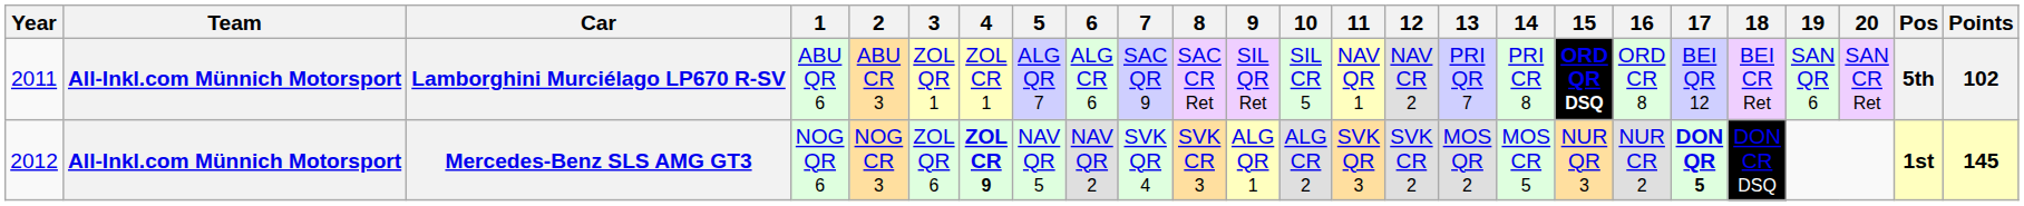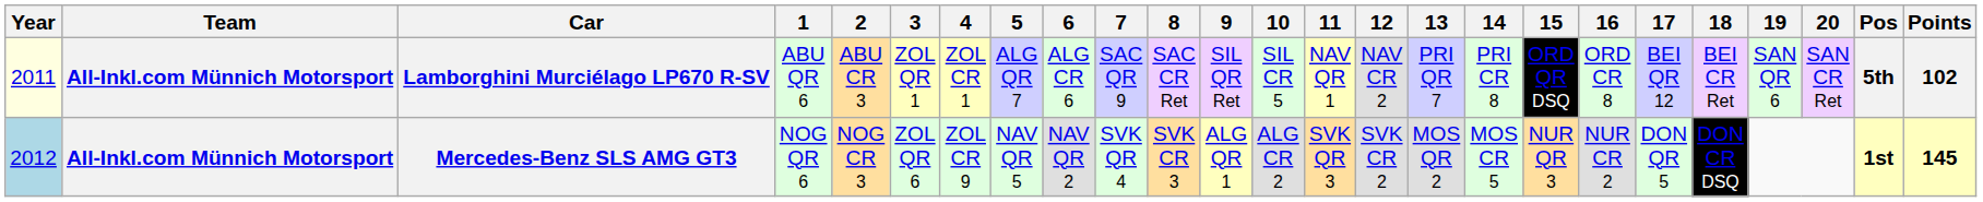 <table class="wikitable" style="text-align:center; font-size:85%;">
 <tr>
 <th>Year</th>
 <th>Team</th>
 <th>Car</th>
 <th>1</th>
 <th>2</th>
 <th>3</th>
 <th>4</th>
 <th>5</th>
 <th>6</th>
 <th>7</th>
 <th>8</th>
 <th>9</th>
 <th>10</th>
 <th>11</th>
 <th>12</th>
 <th>13</th>
 <th>14</th>
 <th>15</th>
 <th>16</th>
 <th>17</th>
 <th>18</th>
 <th>19</th>
 <th>20</th>
 <th>Pos</th>
 <th>Points</th>
 </tr>
 <tr>
-<td><a href='#'>2011</a></td>
+<td style="background: lightyellow;"><a href='#'>2011</a></td>
 <th nowrap><a href='#'>All-Inkl.com Münnich Motorsport</a></th>
 <th nowrap><a href='#'>Lamborghini Murciélago LP670 R-SV</a></th>
 <td style="background:#DFFFDF;"><a href='#'>ABU<br>QR</a><br><small>6<br></small></td>
 <td style="background:#FFDF9F;"><a href='#'>ABU<br>CR</a><br><small>3<br></small></td>
 <td style="background:#FFFFBF;"><a href='#'>ZOL<br>QR</a><br><small>1<br></small></td>
 <td style="background:#FFFFBF;"><a href='#'>ZOL<br>CR</a><br><small>1<br></small></td>
 <td style="background:#CFCFFF;"><a href='#'>ALG<br>QR</a><br><small>7<br></small></td>
 <td style="background:#DFFFDF;"><a href='#'>ALG<br>CR</a><br><small>6<br></small></td>
 <td style="background:#CFCFFF;"><a href='#'>SAC<br>QR</a><br><small>9<br></small></td>
 <td style="background:#EFCFFF;"><a href='#'>SAC<br>CR</a><br><small>Ret<br></small></td>
 <td style="background:#EFCFFF;"><a href='#'>SIL<br>QR</a><br><small>Ret<br></small></td>
 <td style="background:#DFFFDF;"><a href='#'>SIL<br>CR</a><br><small>5<br></small></td>
 <td style="background:#FFFFBF;"><a href='#'>NAV<br>QR</a><br><small>1<br></small></td>
 <td style="background:#DFDFDF;"><a href='#'>NAV<br>CR</a><br><small>2<br></small></td>
 <td style="background:#CFCFFF;"><a href='#'>PRI<br>QR</a><br><small>7<br></small></td>
 <td style="background:#DFFFDF;"><a href='#'>PRI<br>CR</a><br><small>8<br></small></td>
-<td style="background:#000000; color:white"><strong><a href='#'><span>ORD<br>QR</span></a><br><small>DSQ<br></small></strong></td>
+<td style="background:#000000; color:white"><a href='#'><span>ORD<br>QR</span></a><br><small>DSQ<br></small></td>
 <td style="background:#DFFFDF;"><a href='#'>ORD<br>CR</a><br><small>8<br></small></td>
 <td style="background:#CFCFFF;"><a href='#'>BEI<br>QR</a><br><small>12<br></small></td>
 <td style="background:#EFCFFF;"><a href='#'>BEI<br>CR</a><br><small>Ret<br></small></td>
 <td style="background:#DFFFDF;"><a href='#'>SAN<br>QR</a><br><small>6<br></small></td>
 <td style="background:#EFCFFF;"><a href='#'>SAN<br>CR</a><br><small>Ret<br></small></td>
 <th>5th</th>
 <th>102</th>
 </tr>
 <tr>
-<td><a href='#'>2012</a></td>
+<td style="background: lightblue;"><a href='#'>2012</a></td>
 <th nowrap><a href='#'>All-Inkl.com Münnich Motorsport</a></th>
 <th nowrap><a href='#'>Mercedes-Benz SLS AMG GT3</a></th>
 <td style="background:#DFFFDF;"><a href='#'>NOG<br>QR</a><br><small>6<br></small></td>
 <td style="background:#FFDF9F;"><a href='#'>NOG<br>CR</a><br><small>3<br></small></td>
 <td style="background:#DFFFDF;"><a href='#'>ZOL<br>QR</a><br><small>6<br></small></td>
-<td style="background:#DFFFDF;"><strong><a href='#'>ZOL<br>CR</a><br><small>9<br></small></strong></td>
+<td style="background:#DFFFDF;"><a href='#'>ZOL<br>CR</a><br><small>9<br></small></td>
 <td style="background:#DFFFDF;"><a href='#'>NAV<br>QR</a><br><small>5<br></small></td>
 <td style="background:#DFDFDF;"><a href='#'>NAV<br>QR</a><br><small>2<br></small></td>
 <td style="background:#DFFFDF;"><a href='#'>SVK<br>QR</a><br><small>4<br></small></td>
 <td style="background:#FFDF9F;"><a href='#'>SVK<br>CR</a><br><small>3<br></small></td>
 <td style="background:#FFFFBF;"><a href='#'>ALG<br>QR</a><br><small>1<br></small></td>
 <td style="background:#DFDFDF;"><a href='#'>ALG<br>CR</a><br><small>2<br></small></td>
 <td style="background:#FFDF9F;"><a href='#'>SVK<br>QR</a><br><small>3<br></small></td>
 <td style="background:#DFDFDF;"><a href='#'>SVK<br>CR</a><br><small>2<br></small></td>
 <td style="background:#DFDFDF;"><a href='#'>MOS<br>QR</a><br><small>2<br></small></td>
 <td style="background:#DFFFDF;"><a href='#'>MOS<br>CR</a><br><small>5<br></small></td>
 <td style="background:#FFDF9F;"><a href='#'>NUR<br>QR</a><br><small>3<br></small></td>
 <td style="background:#DFDFDF;"><a href='#'>NUR<br>CR</a><br><small>2<br></small></td>
-<td style="background:#DFFFDF;"><strong><a href='#'>DON<br>QR</a><br><small>5<br></small></strong></td>
+<td style="background:#DFFFDF;"><a href='#'>DON<br>QR</a><br><small>5<br></small></td>
 <td style="background:#000000; color:white"><a href='#'><span>DON<br>CR</span></a><br><small>DSQ<br></small></td>
 <td colspan=2></td>
 <th style="background:#FFFFBF;">1st</th>
 <th style="background:#FFFFBF;">145</th>
 </tr>
 </table>
